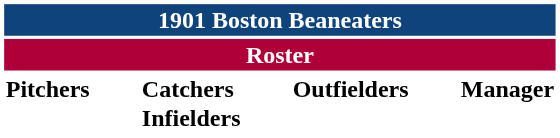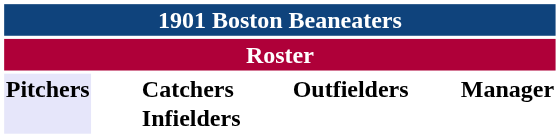 <table class="toccolours" style="font-size: 95%;">
 <tr>
 <th colspan="10" style="background-color: #0f437c; color: white; text-align: center;">1901 Boston Beaneaters</th>
 </tr>
 <tr>
 <td colspan="10" style="background-color: #af0039; color: white; text-align: center;"><strong>Roster</strong></td>
 </tr>
 <tr>
-<td valign="top"><strong>Pitchers</strong><br>    </td>
+<td valign="top" style="background: lavender;"><strong>Pitchers</strong><br>    </td>
 <td width="25px"></td>
 <td valign="top"><strong>Catchers</strong><br>  <strong>Infielders</strong>     </td>
 <td width="25px"></td>
 <td valign="top"><strong>Outfielders</strong><br>            </td>
 <td width="25px"></td>
 <td valign="top"><strong>Manager</strong><br></td>
 </tr>
 </table>
